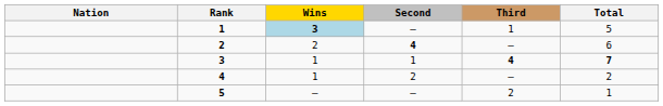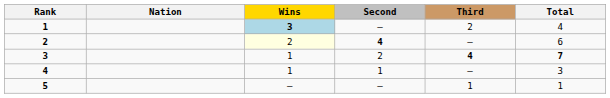 <table class="wikitable collapsible autocollapse plainrowheaders" width=68% style="text-align:center;">
 <tr style="background-color:#EDEDED;">
+<th width=100px class="hintergrundfarbe5">Rank</th>
 <th width=200px class="hintergrundfarbe6">Nation</th>
-<th width=100px class="hintergrundfarbe5">Rank</th>
 <th style="background:    gold; width:15%">Wins</th>
 <th style="background:  silver; width:15%">Second</th>
 <th style="background: #CC9966; width:15%">Third</th>
 <th class="hintergrundfarbe6" style="width:15%">Total</th>
 </tr>
 <tr>
+<td><strong>1</strong></td>
 <td style="text-align:left"></td>
-<td><strong>1</strong></td>
 <td style="background: lightblue;"><strong>3</strong></td>
 <td>–</td>
-<td>1</td>
-<td>5</td>
+<td>2</td>
+<td>4</td>
 </tr>
 <tr>
+<td><strong>2</strong></td>
 <td style="text-align:left"></td>
-<td><strong>2</strong></td>
-<td>2</td>
+<td style="background: lightyellow;">2</td>
 <td><strong>4</strong></td>
 <td>–</td>
 <td>6</td>
 </tr>
 <tr>
+<td><strong>3</strong></td>
 <td style="text-align:left"></td>
-<td><strong>3</strong></td>
 <td>1</td>
-<td>1</td>
+<td>2</td>
 <td><strong>4</strong></td>
 <td><strong>7</strong></td>
 </tr>
 <tr>
+<td><strong>4</strong></td>
 <td style="text-align:left"></td>
-<td><strong>4</strong></td>
 <td>1</td>
-<td>2</td>
+<td>1</td>
 <td>–</td>
-<td>2</td>
+<td>3</td>
 </tr>
 <tr>
+<td><strong>5</strong></td>
 <td style="text-align:left"></td>
-<td><strong>5</strong></td>
 <td>–</td>
 <td>–</td>
-<td>2</td>
+<td>1</td>
 <td>1</td>
 </tr>
 </table>
